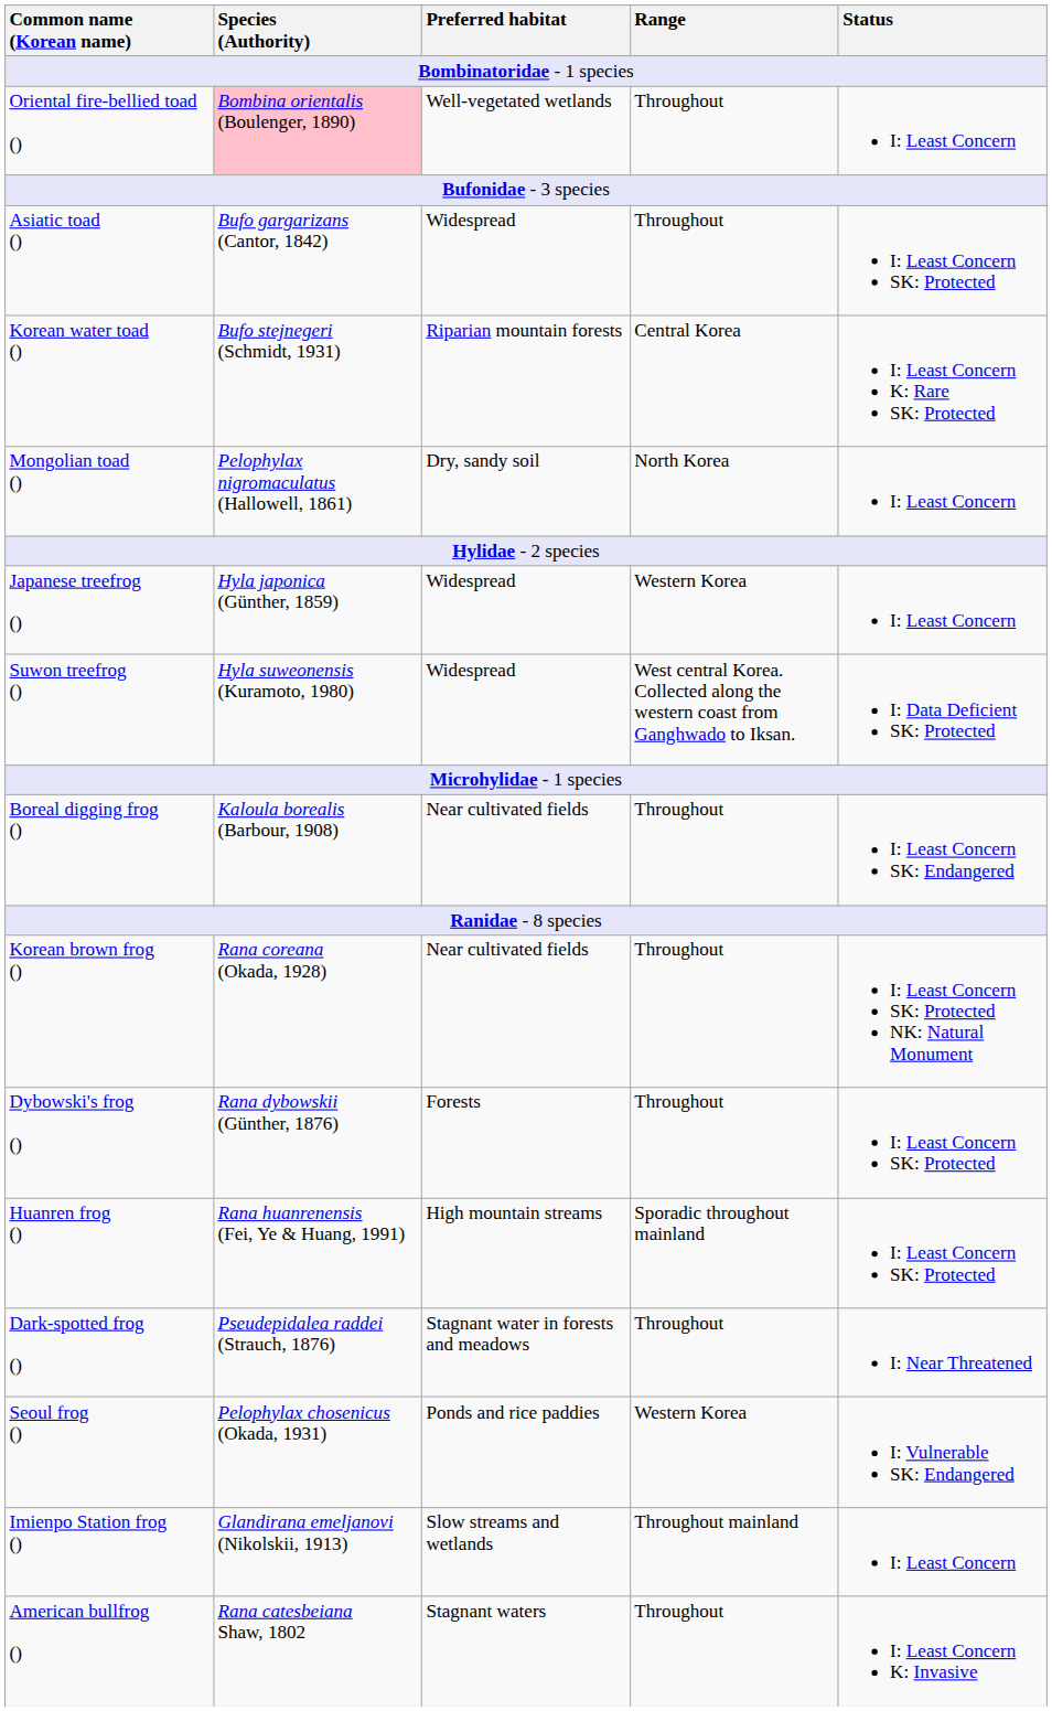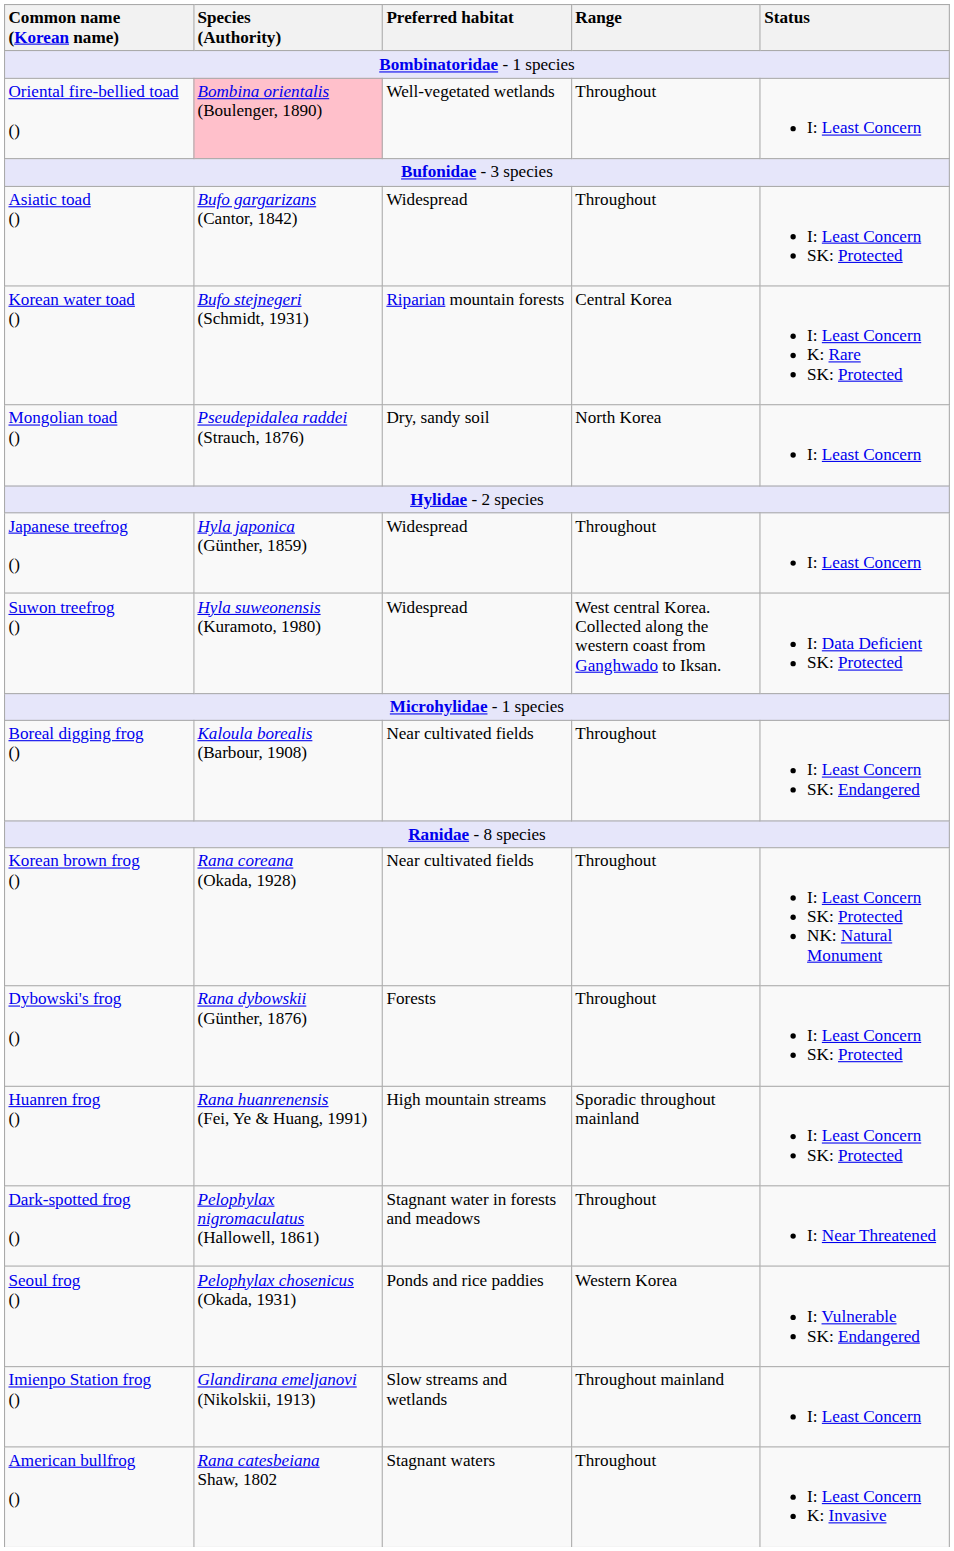 <table width=100% class="wikitable">
 <tr valign="top" bgcolor="">
 <th width=20% style="text-align:left">Common name<br>(<a href='#'>Korean</a> name)</th>
 <th width=20% style="text-align:left">Species<br>(Authority)</th>
 <th width=20% style="text-align:left">Preferred habitat</th>
 <th width=20% style="text-align:left">Range</th>
 <th width=20% style="text-align:left">Status</th>
 </tr>
 <tr>
 <td colspan=5 style="background:lavender;text-align:center;"><strong><a href='#'>Bombinatoridae</a></strong> - 1 species</td>
 </tr>
 <tr valign="top">
 <td><a href='#'>Oriental fire-bellied toad</a><br> <br>()</td>
 <td style="background: pink;"><em><a href='#'>Bombina orientalis</a></em><br>(Boulenger, 1890)</td>
 <td>Well-vegetated wetlands</td>
 <td>Throughout</td>
 <td><br><ul><li>I: <a href='#'>Least Concern</a></li></ul></td>
 </tr>
 <tr>
 <td colspan=5 style="background:lavender;text-align:center;"><strong><a href='#'>Bufonidae</a></strong> - 3 species</td>
 </tr>
 <tr valign="top">
 <td><a href='#'>Asiatic toad</a><br>()</td>
 <td><em><a href='#'>Bufo gargarizans</a></em><br>(Cantor, 1842)</td>
 <td>Widespread</td>
 <td>Throughout</td>
 <td><br><ul><li>I: <a href='#'>Least Concern</a></li><li>SK: <a href='#'>Protected</a></li></ul></td>
 </tr>
 <tr valign="top">
 <td><a href='#'>Korean water toad</a><br>()</td>
 <td><em><a href='#'>Bufo stejnegeri</a></em><br>(Schmidt, 1931)</td>
 <td><a href='#'>Riparian</a> mountain forests</td>
 <td>Central Korea</td>
 <td><br><ul><li>I: <a href='#'>Least Concern</a></li><li>K: <a href='#'>Rare</a></li><li>SK: <a href='#'>Protected</a></li></ul></td>
 </tr>
 <tr valign="top">
 <td><a href='#'>Mongolian toad</a><br>()</td>
-<td><em><a href='#'>Pelophylax nigromaculatus</a></em><br>(Hallowell, 1861)</td>
+<td><em><a href='#'>Pseudepidalea raddei</a></em><br>(Strauch, 1876)</td>
 <td>Dry, sandy soil</td>
 <td>North Korea</td>
 <td><br><ul><li>I: <a href='#'>Least Concern</a></li></ul></td>
 </tr>
 <tr>
 <td colspan=5 style="background:lavender;text-align:center;"><strong><a href='#'>Hylidae</a></strong> - 2 species</td>
 </tr>
 <tr valign="top">
 <td><a href='#'>Japanese treefrog</a><br> <br>()</td>
 <td><em><a href='#'>Hyla japonica</a></em><br>(Günther, 1859)</td>
 <td>Widespread</td>
-<td>Western Korea</td>
+<td>Throughout</td>
 <td><br><ul><li>I: <a href='#'>Least Concern</a></li></ul></td>
 </tr>
 <tr valign="top">
 <td><a href='#'>Suwon treefrog</a><br>()</td>
 <td><em><a href='#'>Hyla suweonensis</a></em><br>(Kuramoto, 1980)</td>
 <td>Widespread</td>
 <td>West central Korea. Collected along the western coast from <a href='#'>Ganghwado</a> to Iksan.</td>
 <td><br><ul><li>I: <a href='#'>Data Deficient</a></li><li>SK: <a href='#'>Protected</a></li></ul></td>
 </tr>
 <tr>
 <td colspan=5 style="background:lavender;text-align:center;"><strong><a href='#'>Microhylidae</a></strong> - 1 species</td>
 </tr>
 <tr valign="top">
 <td><a href='#'>Boreal digging frog</a><br>()</td>
 <td><em><a href='#'>Kaloula borealis</a></em><br>(Barbour, 1908)</td>
 <td>Near cultivated fields</td>
 <td>Throughout</td>
 <td><br><ul><li>I: <a href='#'>Least Concern</a></li><li>SK: <a href='#'>Endangered</a></li></ul></td>
 </tr>
 <tr>
 <td colspan=5 style="background:lavender;text-align:center;"><strong><a href='#'>Ranidae</a></strong> - 8 species</td>
 </tr>
 <tr valign="top">
 <td><a href='#'>Korean brown frog</a><br>()</td>
 <td><em><a href='#'>Rana coreana</a></em><br>(Okada, 1928)</td>
 <td>Near cultivated fields</td>
 <td>Throughout</td>
 <td><br><ul><li>I: <a href='#'>Least Concern</a></li><li>SK: <a href='#'>Protected</a></li><li>NK: <a href='#'>Natural Monument</a></li></ul></td>
 </tr>
 <tr valign="top">
 <td><a href='#'>Dybowski's frog</a><br> <br>()</td>
 <td><em><a href='#'>Rana dybowskii</a></em><br>(Günther, 1876)</td>
 <td>Forests</td>
 <td>Throughout</td>
 <td><br><ul><li>I: <a href='#'>Least Concern</a></li><li>SK: <a href='#'>Protected</a></li></ul></td>
 </tr>
 <tr valign="top">
 <td><a href='#'>Huanren frog</a><br>()</td>
 <td><em><a href='#'>Rana huanrenensis</a></em><br>(Fei, Ye & Huang, 1991)</td>
 <td>High mountain streams</td>
 <td>Sporadic throughout mainland</td>
 <td><br><ul><li>I: <a href='#'>Least Concern</a></li><li>SK: <a href='#'>Protected</a></li></ul></td>
 </tr>
 <tr valign="top">
 <td><a href='#'>Dark-spotted frog</a><br> <br>()</td>
-<td><em><a href='#'>Pseudepidalea raddei</a></em><br>(Strauch, 1876)</td>
+<td><em><a href='#'>Pelophylax nigromaculatus</a></em><br>(Hallowell, 1861)</td>
 <td>Stagnant water in forests and meadows</td>
 <td>Throughout</td>
 <td><br><ul><li>I: <a href='#'>Near Threatened</a></li></ul></td>
 </tr>
 <tr valign="top">
 <td><a href='#'>Seoul frog</a><br>()</td>
 <td><em><a href='#'>Pelophylax chosenicus</a></em><br>(Okada, 1931)</td>
 <td>Ponds and rice paddies</td>
 <td>Western Korea</td>
 <td><br><ul><li>I: <a href='#'>Vulnerable</a></li><li>SK: <a href='#'>Endangered</a></li></ul></td>
 </tr>
 <tr valign="top">
 <td><a href='#'>Imienpo Station frog</a><br>()</td>
 <td><em><a href='#'>Glandirana emeljanovi</a></em><br>(Nikolskii, 1913)</td>
 <td>Slow streams and wetlands</td>
 <td>Throughout mainland</td>
 <td><br><ul><li>I: <a href='#'>Least Concern</a></li></ul></td>
 </tr>
 <tr valign="top">
 <td><a href='#'>American bullfrog</a><br> <br>()</td>
 <td><em><a href='#'>Rana catesbeiana</a></em><br>Shaw, 1802</td>
 <td>Stagnant waters</td>
 <td>Throughout</td>
 <td><br><ul><li>I: <a href='#'>Least Concern</a></li><li>K: <a href='#'>Invasive</a></li></ul></td>
 </tr>
 </table>
